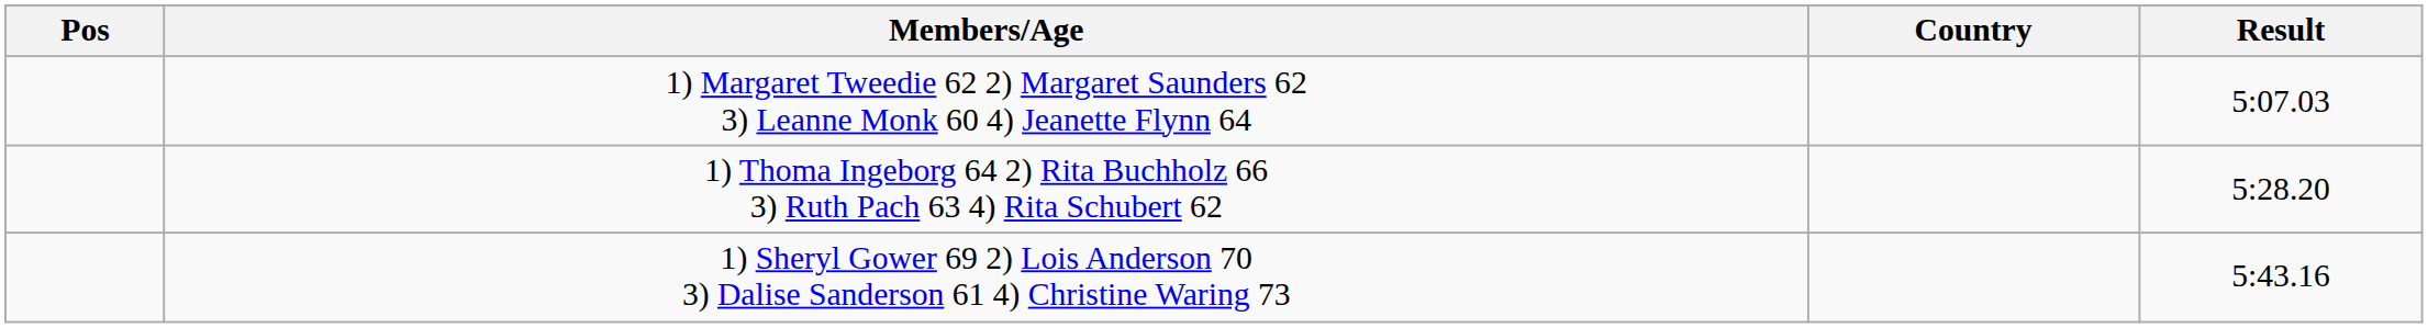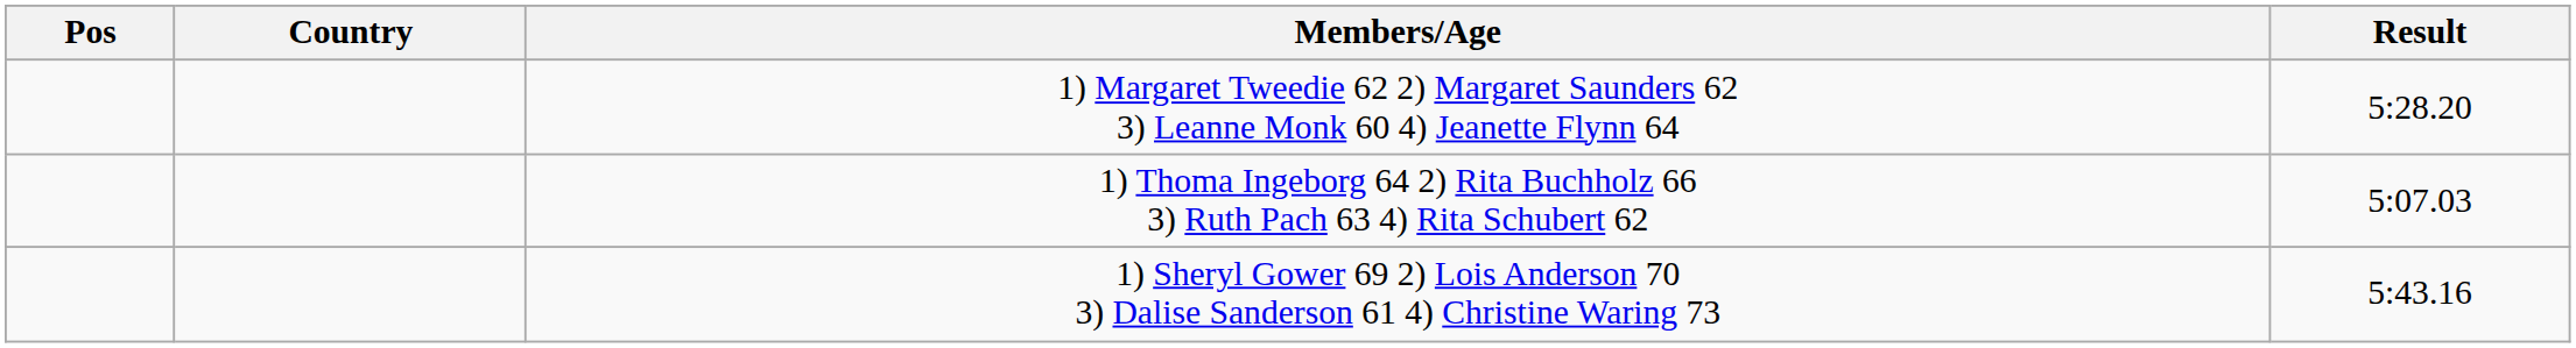 <table class="wikitable"  style="text-align:center; width:60%;">
 <tr>
 <th>Pos</th>
+<th>Country</th>
 <th>Members/Age</th>
-<th>Country</th>
 <th>Result</th>
 </tr>
 <tr>
 <td align=center></td>
+<td align=left></td>
 <td>1) <a href='#'>Margaret Tweedie</a> 62 2) <a href='#'>Margaret Saunders</a> 62<br>3) <a href='#'>Leanne Monk</a> 60 4) <a href='#'>Jeanette Flynn</a> 64</td>
+<td>5:28.20</td>
+</tr>
+<tr>
+<td align=center></td>
 <td align=left></td>
+<td>1) <a href='#'>Thoma Ingeborg</a> 64 2) <a href='#'>Rita Buchholz</a> 66<br>3) <a href='#'>Ruth Pach</a> 63 4) <a href='#'>Rita Schubert</a> 62</td>
 <td>5:07.03</td>
 </tr>
 <tr>
 <td align=center></td>
-<td>1) <a href='#'>Thoma Ingeborg</a> 64 2) <a href='#'>Rita Buchholz</a> 66<br>3) <a href='#'>Ruth Pach</a> 63 4) <a href='#'>Rita Schubert</a> 62</td>
 <td align=left></td>
-<td>5:28.20</td>
-</tr>
-<tr>
-<td align=center></td>
 <td>1) <a href='#'>Sheryl Gower</a> 69 2) <a href='#'>Lois Anderson</a> 70<br>3) <a href='#'>Dalise Sanderson</a> 61 4) <a href='#'>Christine Waring</a> 73</td>
-<td align=left></td>
 <td>5:43.16</td>
 </tr>
 </table>
